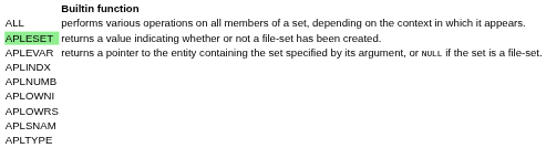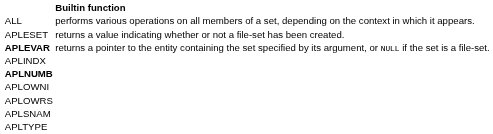 <table col=2 border=0>
 <tr>
 <th></th>
 <td><strong>Builtin function</strong></td>
 </tr>
 <tr>
 <td valign="top">ALL</td>
 <td>performs various operations on all members of a set, depending on the context in which it appears.</td>
 </tr>
 <tr>
-<td valign="top" style="background: lightgreen;">APLESET</td>
+<td valign="top">APLESET</td>
 <td>returns a value indicating whether or not a file-set has been created.</td>
 </tr>
 <tr>
-<td valign="top">APLEVAR</td>
+<td valign="top"><strong>APLEVAR</strong></td>
 <td>returns a pointer to the entity containing the set specified by its argument, or <code>NULL</code> if the set is a file-set.</td>
 </tr>
 <tr>
 <td valign="top">APLINDX</td>
 <td></td>
 </tr>
 <tr>
-<td valign="top">APLNUMB</td>
+<td valign="top"><strong>APLNUMB</strong></td>
 <td></td>
 </tr>
 <tr>
 <td valign="top">APLOWNI</td>
 <td></td>
 </tr>
 <tr>
 <td valign="top">APLOWRS</td>
 <td></td>
 </tr>
 <tr>
 <td valign="top">APLSNAM</td>
 <td></td>
 </tr>
 <tr>
 <td valign="top">APLTYPE</td>
 <td></td>
 </tr>
 </table>
